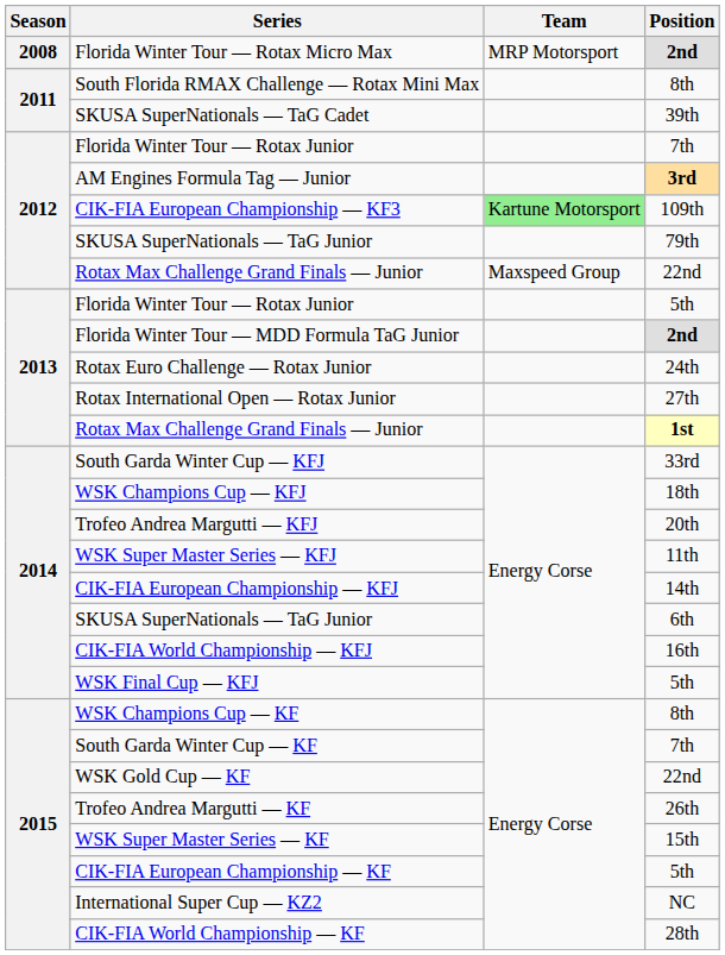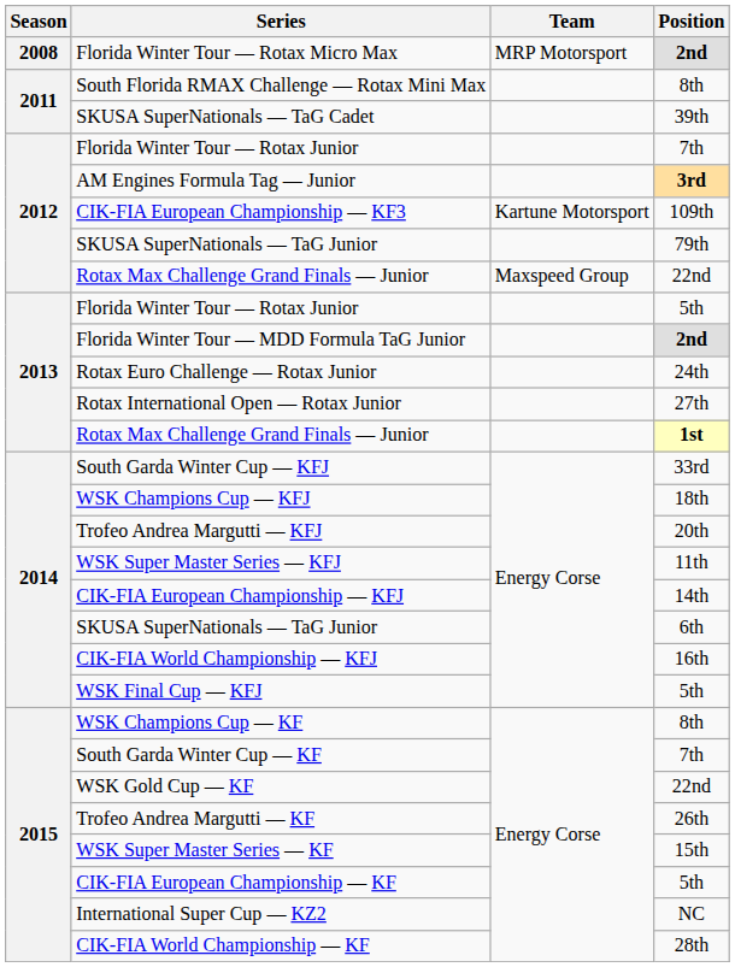 <table class="wikitable" style="font-size: 85%; text-align:center">
 <tr>
 <th>Season</th>
 <th>Series</th>
 <th>Team</th>
 <th>Position</th>
 </tr>
 <tr>
 <th>2008</th>
 <td align="left">Florida Winter Tour — Rotax Micro Max</td>
 <td align="left">MRP Motorsport</td>
 <td style="background:#DFDFDF;"><strong>2nd</strong></td>
 </tr>
 <tr>
 <th rowspan="2">2011</th>
 <td align="left">South Florida RMAX Challenge — Rotax Mini Max</td>
 <td align="left"></td>
 <td>8th</td>
 </tr>
 <tr>
 <td align="left">SKUSA SuperNationals — TaG Cadet</td>
 <td align="left"></td>
 <td>39th</td>
 </tr>
 <tr>
 <th rowspan="5">2012</th>
 <td align="left">Florida Winter Tour — Rotax Junior</td>
 <td align="left"></td>
 <td>7th</td>
 </tr>
 <tr>
 <td align="left">AM Engines Formula Tag — Junior</td>
 <td align="left"></td>
 <td style="background:#FFDF9F;"><strong>3rd</strong></td>
 </tr>
 <tr>
 <td align="left"><a href='#'>CIK-FIA European Championship</a> — <a href='#'>KF3</a></td>
-<td align="left" style="background: lightgreen;">Kartune Motorsport</td>
+<td align="left">Kartune Motorsport</td>
 <td>109th</td>
 </tr>
 <tr>
 <td align="left">SKUSA SuperNationals — TaG Junior</td>
 <td align="left"></td>
 <td>79th</td>
 </tr>
 <tr>
 <td align="left"><a href='#'>Rotax Max Challenge Grand Finals</a> — Junior</td>
 <td align="left">Maxspeed Group</td>
 <td>22nd</td>
 </tr>
 <tr>
 <th rowspan="5">2013</th>
 <td align="left">Florida Winter Tour — Rotax Junior</td>
 <td align="left"></td>
 <td>5th</td>
 </tr>
 <tr>
 <td align="left">Florida Winter Tour — MDD Formula TaG Junior</td>
 <td align="left"></td>
 <td style="background:#DFDFDF;"><strong>2nd</strong></td>
 </tr>
 <tr>
 <td align="left">Rotax Euro Challenge — Rotax Junior</td>
 <td align="left"></td>
 <td>24th</td>
 </tr>
 <tr>
 <td align="left">Rotax International Open — Rotax Junior</td>
 <td align="left"></td>
 <td>27th</td>
 </tr>
 <tr>
 <td align="left"><a href='#'>Rotax Max Challenge Grand Finals</a> — Junior</td>
 <td align="left"></td>
 <td style="background:#FFFFBF;"><strong>1st</strong></td>
 </tr>
 <tr>
 <th rowspan="8">2014</th>
 <td align="left">South Garda Winter Cup — <a href='#'>KFJ</a></td>
 <td rowspan="8"  align="left">Energy Corse</td>
 <td>33rd</td>
 </tr>
 <tr>
 <td align="left"><a href='#'>WSK Champions Cup</a> — <a href='#'>KFJ</a></td>
 <td>18th</td>
 </tr>
 <tr>
 <td align="left">Trofeo Andrea Margutti — <a href='#'>KFJ</a></td>
 <td>20th</td>
 </tr>
 <tr>
 <td align="left"><a href='#'>WSK Super Master Series</a> — <a href='#'>KFJ</a></td>
 <td>11th</td>
 </tr>
 <tr>
 <td align="left"><a href='#'>CIK-FIA European Championship</a> — <a href='#'>KFJ</a></td>
 <td>14th</td>
 </tr>
 <tr>
 <td align="left">SKUSA SuperNationals — TaG Junior</td>
 <td>6th</td>
 </tr>
 <tr>
 <td align="left"><a href='#'>CIK-FIA World Championship</a> — <a href='#'>KFJ</a></td>
 <td>16th</td>
 </tr>
 <tr>
 <td align="left"><a href='#'>WSK Final Cup</a> — <a href='#'>KFJ</a></td>
 <td>5th</td>
 </tr>
 <tr>
 <th rowspan="8">2015</th>
 <td align="left"><a href='#'>WSK Champions Cup</a> — <a href='#'>KF</a></td>
 <td rowspan="8"  align="left">Energy Corse</td>
 <td>8th</td>
 </tr>
 <tr>
 <td align="left">South Garda Winter Cup — <a href='#'>KF</a></td>
 <td>7th</td>
 </tr>
 <tr>
 <td align="left">WSK Gold Cup — <a href='#'>KF</a></td>
 <td>22nd</td>
 </tr>
 <tr>
 <td align="left">Trofeo Andrea Margutti — <a href='#'>KF</a></td>
 <td>26th</td>
 </tr>
 <tr>
 <td align="left"><a href='#'>WSK Super Master Series</a> — <a href='#'>KF</a></td>
 <td>15th</td>
 </tr>
 <tr>
 <td align="left"><a href='#'>CIK-FIA European Championship</a> — <a href='#'>KF</a></td>
 <td>5th</td>
 </tr>
 <tr>
 <td align="left">International Super Cup — <a href='#'>KZ2</a></td>
 <td>NC</td>
 </tr>
 <tr>
 <td align="left"><a href='#'>CIK-FIA World Championship</a> — <a href='#'>KF</a></td>
 <td>28th</td>
 </tr>
 </table>
